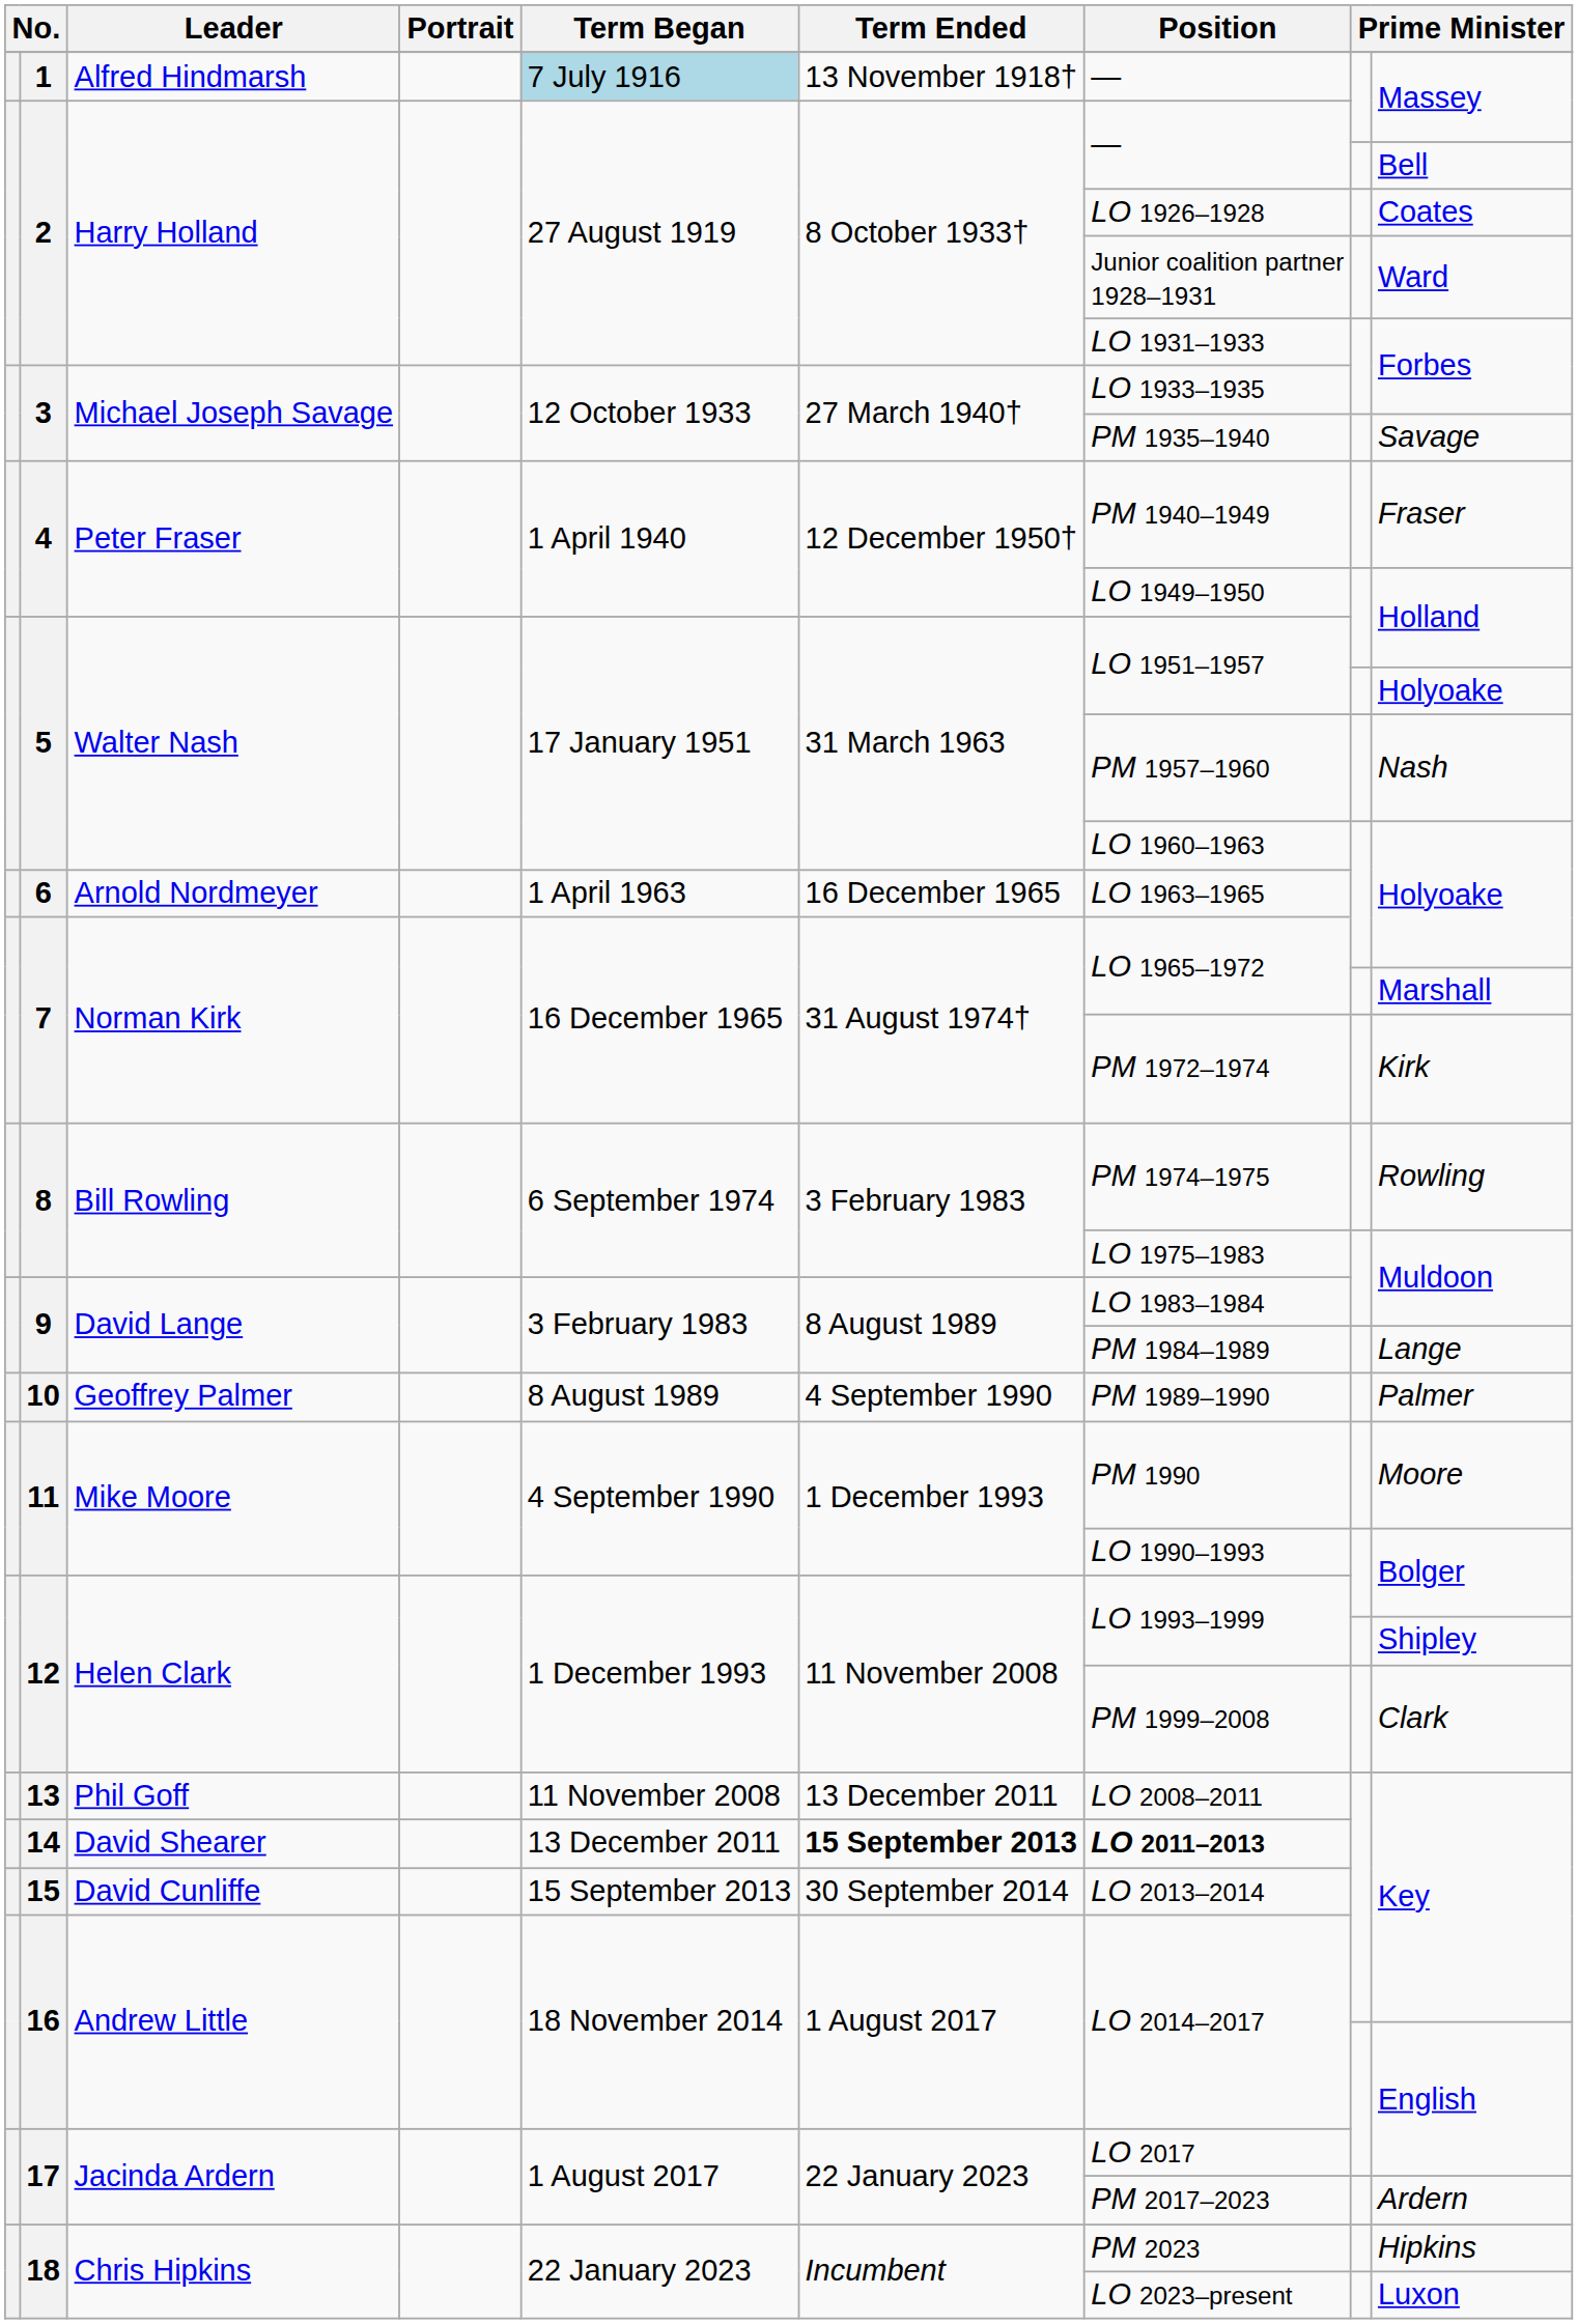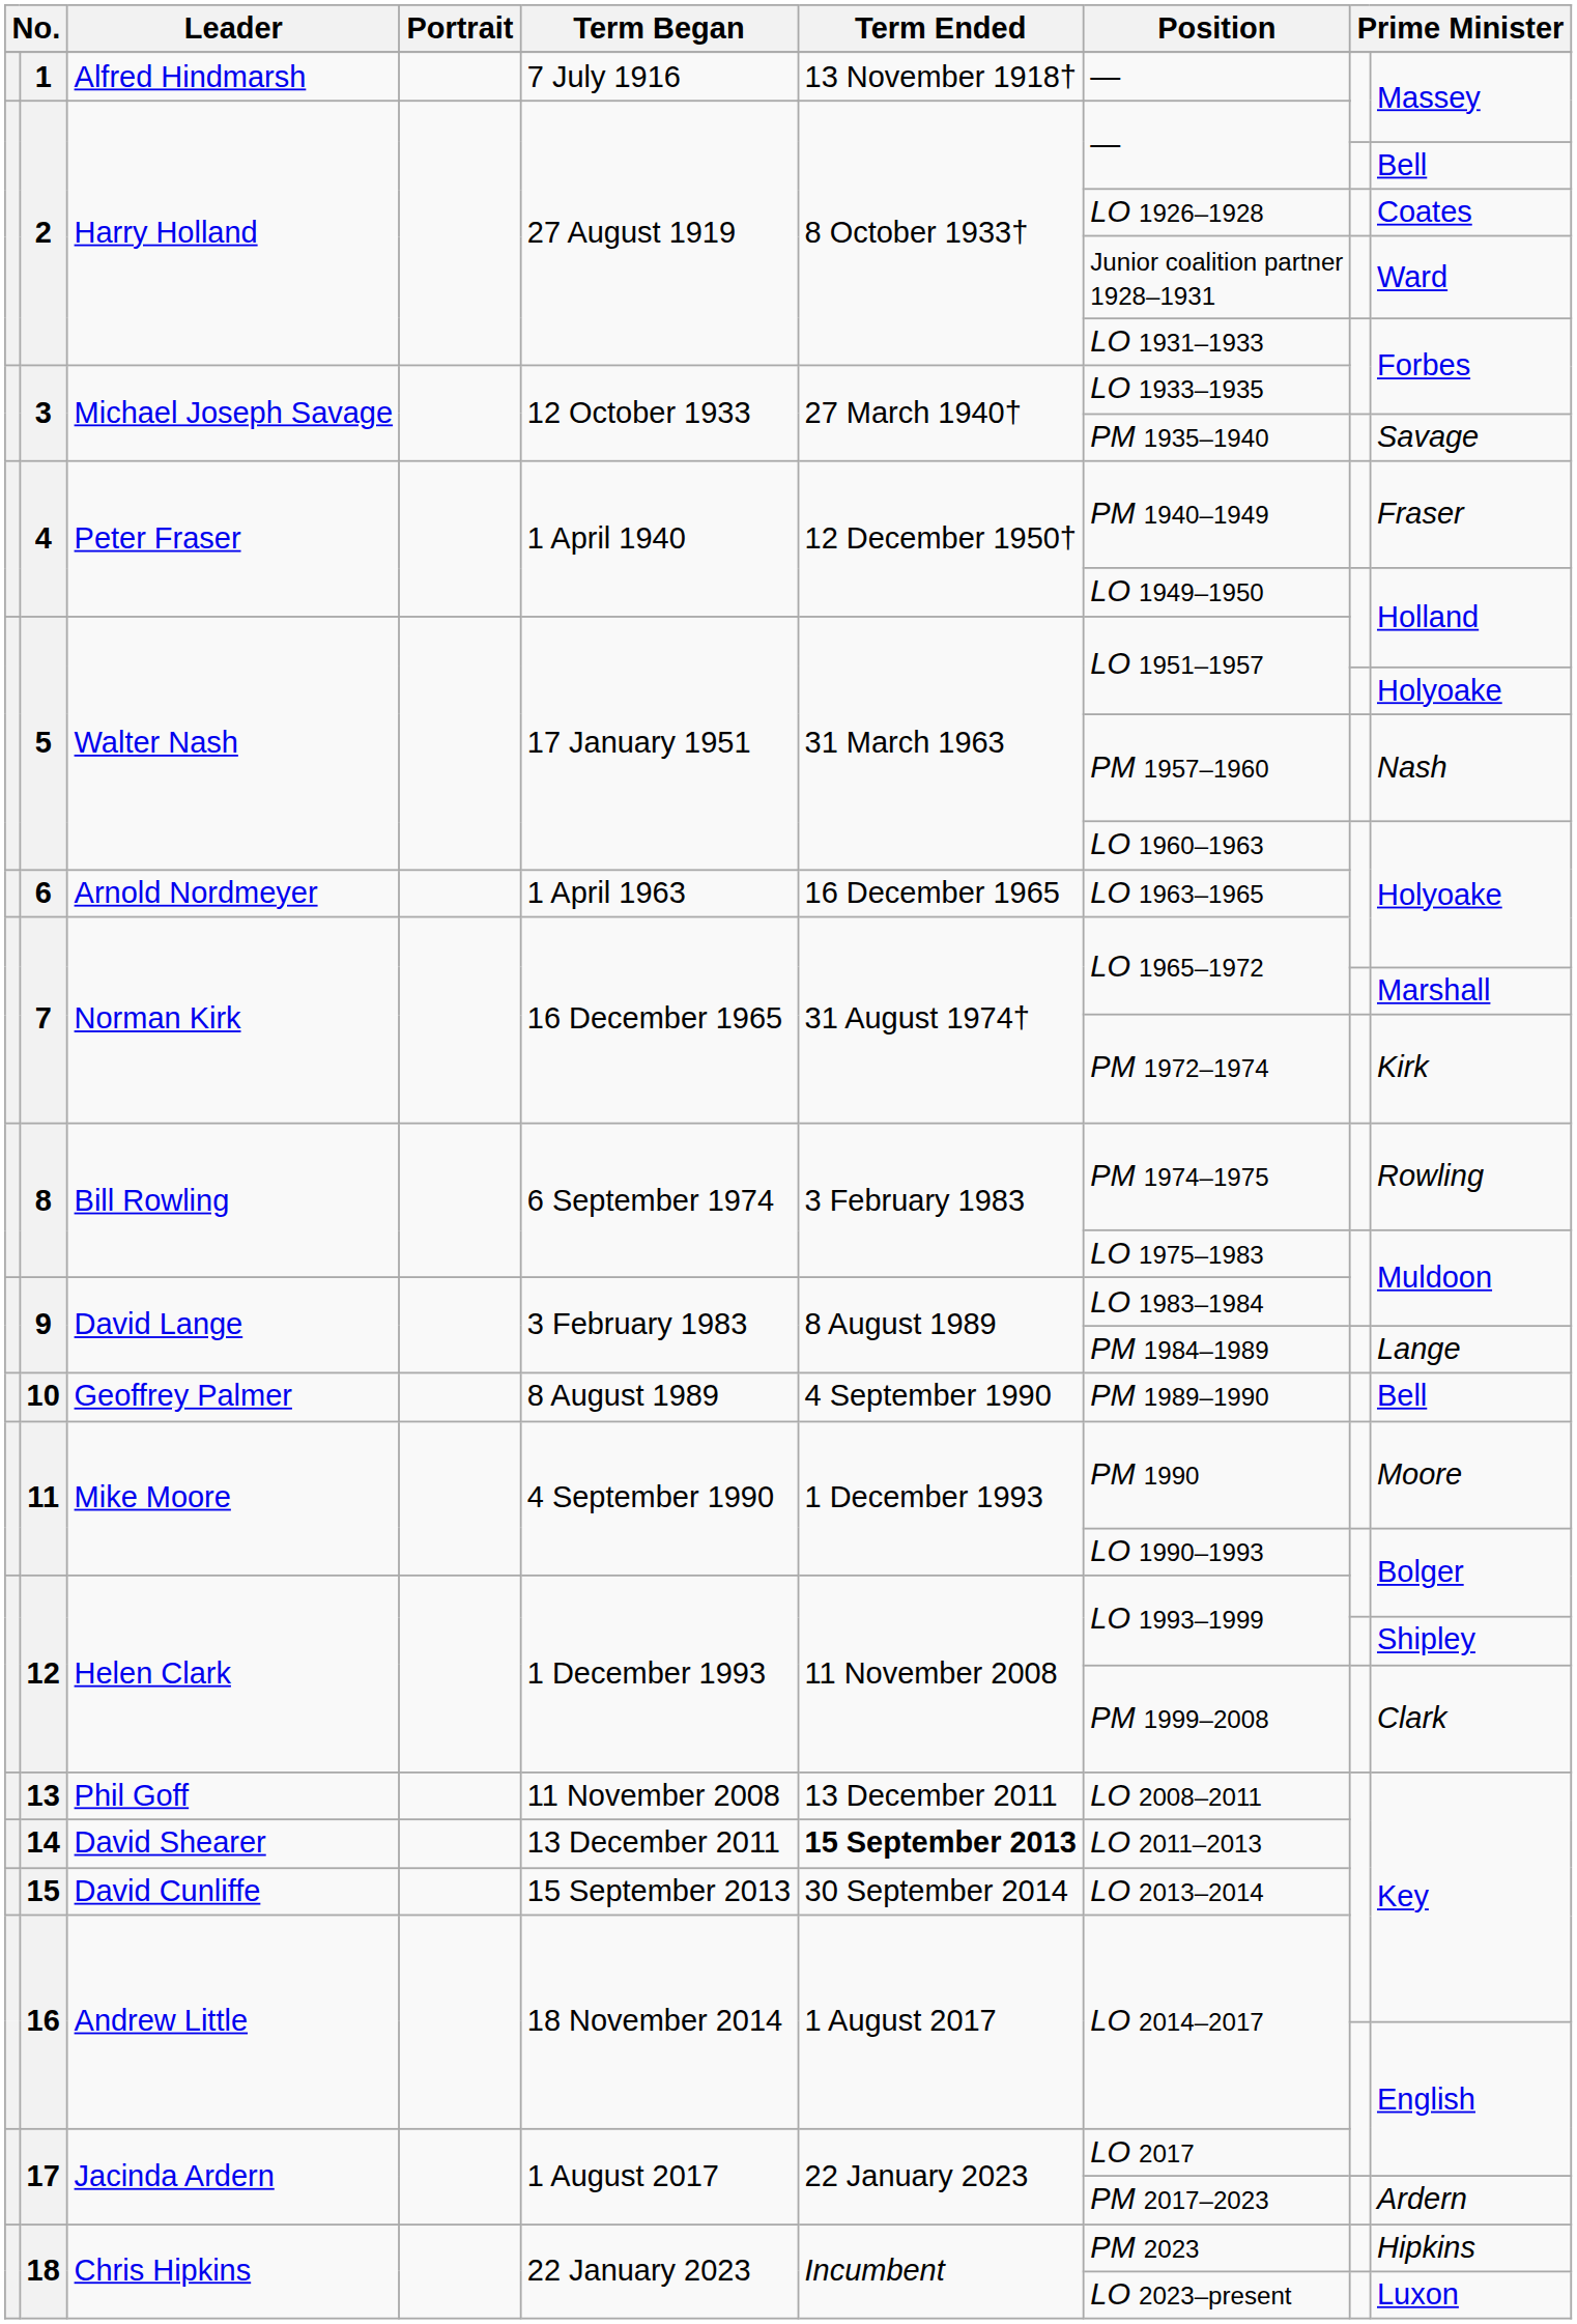 <table class="wikitable">
 <tr>
 <th colspan=2>No.</th>
 <th>Leader</th>
 <th>Portrait</th>
 <th>Term Began</th>
 <th>Term Ended</th>
 <th>Position</th>
 <th colspan=2>Prime Minister</th>
 </tr>
 <tr>
 </tr>
 <tr>
 <th style="background:"></th>
 <th>1</th>
 <td><a href='#'>Alfred Hindmarsh</a></td>
 <td></td>
-<td style="background: lightblue;">7 July 1916</td>
+<td>7 July 1916</td>
 <td>13 November 1918†</td>
 <td>—</td>
 <td rowspan=2 style="border-bottom:solid 0 grey; background:"></td>
 <td rowspan=3><a href='#'>Massey</a></td>
 </tr>
 <tr>
 <th rowspan=6 style="background:"></th>
 <th rowspan=6>2</th>
 <td rowspan=6><a href='#'>Harry Holland</a></td>
 <td rowspan=6></td>
 <td rowspan=6>27 August 1919</td>
 <td rowspan=6>8 October 1933†</td>
 <td rowspan=3>—</td>
 </tr>
 <tr>
 <td height=15 style="border-top:solid 0 grey; background:"></td>
 </tr>
 <tr>
 <td style="background:"></td>
 <td><a href='#'>Bell</a></td>
 </tr>
 <tr>
 <td><em>LO</em> <small>1926–1928</small></td>
 <td style="background:"></td>
 <td><a href='#'>Coates</a></td>
 </tr>
 <tr>
 <td><small>Junior coalition partner<br>1928–1931</small></td>
 <td style="background:"></td>
 <td><a href='#'>Ward</a></td>
 </tr>
 <tr>
 <td><em>LO</em> <small>1931–1933</small></td>
 <td rowspan=2 style="background:"></td>
 <td rowspan=2><a href='#'>Forbes</a></td>
 </tr>
 <tr>
 <th rowspan=2 style="background:"></th>
 <th rowspan=2>3</th>
 <td rowspan=2><a href='#'>Michael Joseph Savage</a></td>
 <td rowspan=2></td>
 <td rowspan=2>12 October 1933</td>
 <td rowspan=2>27 March 1940†</td>
 <td><em>LO</em> <small>1933–1935</small></td>
 </tr>
 <tr>
 <td><em>PM</em> <small>1935–1940</small></td>
 <td style="background:"></td>
 <td><em>Savage</em></td>
 </tr>
 <tr>
 <th rowspan=2 style="background:"></th>
 <th rowspan=2>4</th>
 <td rowspan=2><a href='#'>Peter Fraser</a></td>
 <td rowspan=2></td>
 <td rowspan=2>1 April 1940</td>
 <td rowspan=2>12 December 1950†</td>
 <td><em>PM</em> <small>1940–1949</small></td>
 <td height=50 style="background:"></td>
 <td><em>Fraser</em></td>
 </tr>
 <tr>
 <td><em>LO</em> <small>1949–1950</small></td>
 <td style="border-bottom:solid 0 gray; background:"></td>
 <td rowspan=2><a href='#'>Holland</a></td>
 </tr>
 <tr>
 <th rowspan=4 style="background:"></th>
 <th rowspan=4>5</th>
 <td rowspan=4><a href='#'>Walter Nash</a></td>
 <td rowspan=4></td>
 <td rowspan=4>17 January 1951</td>
 <td rowspan=4>31 March 1963</td>
 <td rowspan=2><em>LO</em> <small>1951–1957</small></td>
 <td height=20 style="border-top:solid 0 gray; background:"></td>
 </tr>
 <tr>
 <td height=15 style="background:"></td>
 <td><a href='#'>Holyoake</a></td>
 </tr>
 <tr>
 <td><em>PM</em> <small>1957–1960</small></td>
 <td height=50 style="background:"></td>
 <td><em>Nash</em></td>
 </tr>
 <tr>
 <td><em>LO</em> <small>1960–1963</small></td>
 <td rowspan=2 style="border-bottom:solid 0 gray; background:"></td>
 <td rowspan=3><a href='#'>Holyoake</a></td>
 </tr>
 <tr>
 <th style="background:"></th>
 <th>6</th>
 <td><a href='#'>Arnold Nordmeyer</a></td>
 <td></td>
 <td>1 April 1963</td>
 <td>16 December 1965</td>
 <td><em>LO</em> <small>1963–1965</small></td>
 </tr>
 <tr>
 <th rowspan=3 style="background:"></th>
 <th rowspan=3>7</th>
 <td rowspan=3><a href='#'>Norman Kirk</a></td>
 <td rowspan=3></td>
 <td rowspan=3>16 December 1965</td>
 <td rowspan=3>31 August 1974†</td>
 <td rowspan=2><em>LO</em> <small>1965–1972</small></td>
 <td height=20 style="border-top:solid 0 gray; background:"></td>
 </tr>
 <tr>
 <td height=15 style="background:"></td>
 <td><a href='#'>Marshall</a></td>
 </tr>
 <tr>
 <td><em>PM</em> <small>1972–1974</small></td>
 <td height=50 style="background:"></td>
 <td><em>Kirk</em></td>
 </tr>
 <tr>
 <th rowspan=2 style="background:"></th>
 <th rowspan=2>8</th>
 <td rowspan=2><a href='#'>Bill Rowling</a></td>
 <td rowspan=2></td>
 <td rowspan=2>6 September 1974</td>
 <td rowspan=2>3 February 1983</td>
 <td><em>PM</em> <small>1974–1975</small></td>
 <td height=50 style="background:"></td>
 <td><em>Rowling</em></td>
 </tr>
 <tr>
 <td><em>LO</em> <small>1975–1983</small></td>
 <td rowspan=2 style="background:"></td>
 <td rowspan=2><a href='#'>Muldoon</a></td>
 </tr>
 <tr>
 <th rowspan=2 style="background:"></th>
 <th rowspan=2>9</th>
 <td rowspan=2><a href='#'>David Lange</a></td>
 <td rowspan=2></td>
 <td rowspan=2>3 February 1983</td>
 <td rowspan=2>8 August 1989</td>
 <td><em>LO</em> <small>1983–1984</small></td>
 </tr>
 <tr>
 <td><em>PM</em> <small>1984–1989</small></td>
 <td style="background:"></td>
 <td><em>Lange</em></td>
 </tr>
 <tr>
 <th style="background:"></th>
 <th>10</th>
 <td><a href='#'>Geoffrey Palmer</a></td>
 <td></td>
 <td>8 August 1989</td>
 <td>4 September 1990</td>
 <td><em>PM</em> <small>1989–1990</small></td>
 <td style="background:"></td>
-<td><em>Palmer</em></td>
+<td><a href='#'>Bell</a></td>
 </tr>
 <tr>
 <th rowspan=2 style="background:"></th>
 <th rowspan=2>11</th>
 <td rowspan=2><a href='#'>Mike Moore</a></td>
 <td rowspan=2></td>
 <td rowspan=2>4 September 1990</td>
 <td rowspan=2>1 December 1993</td>
 <td><em>PM</em> <small>1990</small></td>
 <td height=50 style="background:"></td>
 <td><em>Moore</em></td>
 </tr>
 <tr>
 <td><em>LO</em> <small>1990–1993</small></td>
 <td style="border-bottom:solid 0 gray; background:"></td>
 <td rowspan=2><a href='#'>Bolger</a></td>
 </tr>
 <tr>
 <th rowspan=3 style="background:"></th>
 <th rowspan=3>12</th>
 <td rowspan=3><a href='#'>Helen Clark</a></td>
 <td rowspan=3></td>
 <td rowspan=3>1 December 1993</td>
 <td rowspan=3>11 November 2008</td>
 <td rowspan=2><em>LO</em> <small>1993–1999</small></td>
 <td height=15 style="border-top:solid 0 gray; background:"></td>
 </tr>
 <tr>
 <td height=15 style="background:"></td>
 <td><a href='#'>Shipley</a></td>
 </tr>
 <tr>
 <td><em>PM</em> <small>1999–2008</small></td>
 <td height=50 style="background:"></td>
 <td><em>Clark</em></td>
 </tr>
 <tr>
 <th style="background:"></th>
 <th>13</th>
 <td><a href='#'>Phil Goff</a></td>
 <td></td>
 <td>11 November 2008</td>
 <td>13 December 2011</td>
 <td><em>LO</em> <small>2008–2011</small></td>
 <td rowspan=4 style="background:"></td>
 <td rowspan=4><a href='#'>Key</a></td>
 </tr>
 <tr>
 <th style="background:"></th>
 <th>14</th>
 <td><a href='#'>David Shearer</a></td>
 <td></td>
 <td>13 December 2011</td>
 <td><strong>15 September 2013</strong></td>
-<td><strong><em>LO</em> <small>2011–2013</small></strong></td>
+<td><em>LO</em> <small>2011–2013</small></td>
 </tr>
 <tr>
 <th style="background:"></th>
 <th>15</th>
 <td><a href='#'>David Cunliffe</a></td>
 <td></td>
 <td>15 September 2013</td>
 <td>30 September 2014</td>
 <td><em>LO</em> <small>2013–2014</small></td>
 </tr>
 <tr>
 <th height=50 style="border-bottom:solid 0 grey; background:"></th>
 <th rowspan=2>16</th>
 <td rowspan=2><a href='#'>Andrew Little</a></td>
 <td rowspan=2></td>
 <td rowspan=2>18 November 2014</td>
 <td rowspan=2>1 August 2017</td>
 <td rowspan=2><em>LO</em> <small>2014–2017</small></td>
 </tr>
 <tr>
 <th height=50 style="border-top:solid 0 grey; background:"></th>
 <td rowspan=2 style="background:"></td>
 <td rowspan=2><a href='#'>English</a></td>
 </tr>
 <tr>
 <th rowspan=2 style="background:"></th>
 <th rowspan=2>17</th>
 <td rowspan=2><a href='#'>Jacinda Ardern</a></td>
 <td rowspan=2></td>
 <td rowspan=2>1 August 2017</td>
 <td rowspan=2>22 January 2023</td>
 <td><em>LO</em> <small>2017</small></td>
 </tr>
 <tr>
 <td><em>PM</em> <small>2017–2023</small></td>
 <td style="background:"></td>
 <td><em>Ardern</em></td>
 </tr>
 <tr>
 <th rowspan=2 style="background:"></th>
 <th rowspan=2>18</th>
 <td rowspan=2><a href='#'>Chris Hipkins</a></td>
 <td rowspan=2></td>
 <td rowspan=2>22 January 2023</td>
 <td rowspan=2><em>Incumbent</em></td>
 <td><em>PM</em> <small>2023</small></td>
 <td style="background:"></td>
 <td><em>Hipkins</em></td>
 </tr>
 <tr>
 <td><em>LO</em> <small>2023–present</small></td>
 <td style="background:"></td>
 <td><a href='#'>Luxon</a></td>
 </tr>
 </table>
